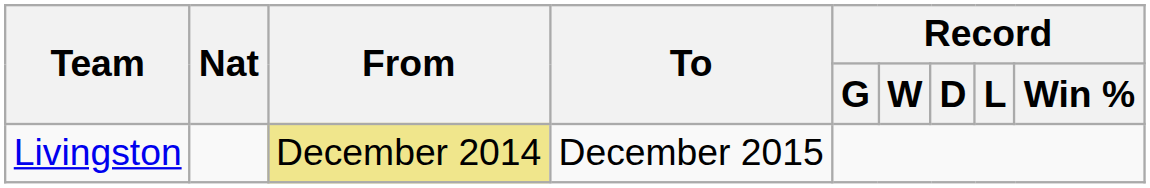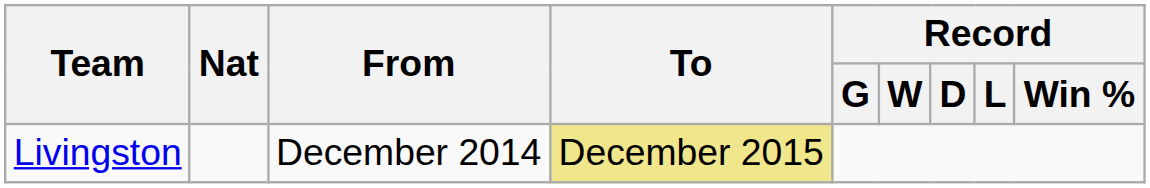 <table class="wikitable" style="text-align: center">
 <tr>
 <th rowspan="2">Team</th>
 <th rowspan="2">Nat</th>
 <th rowspan="2">From</th>
 <th rowspan="2">To</th>
 <th colspan="5">Record</th>
 </tr>
 <tr>
 <th>G</th>
 <th>W</th>
 <th>D</th>
 <th>L</th>
 <th>Win %</th>
 </tr>
 <tr>
 <td align=left><a href='#'>Livingston</a></td>
 <td></td>
-<td align=left style="background: khaki;">December 2014</td>
-<td align=left>December 2015<br></td>
+<td align=left>December 2014</td>
+<td align=left style="background: khaki;">December 2015<br></td>
 </tr>
 </table>
